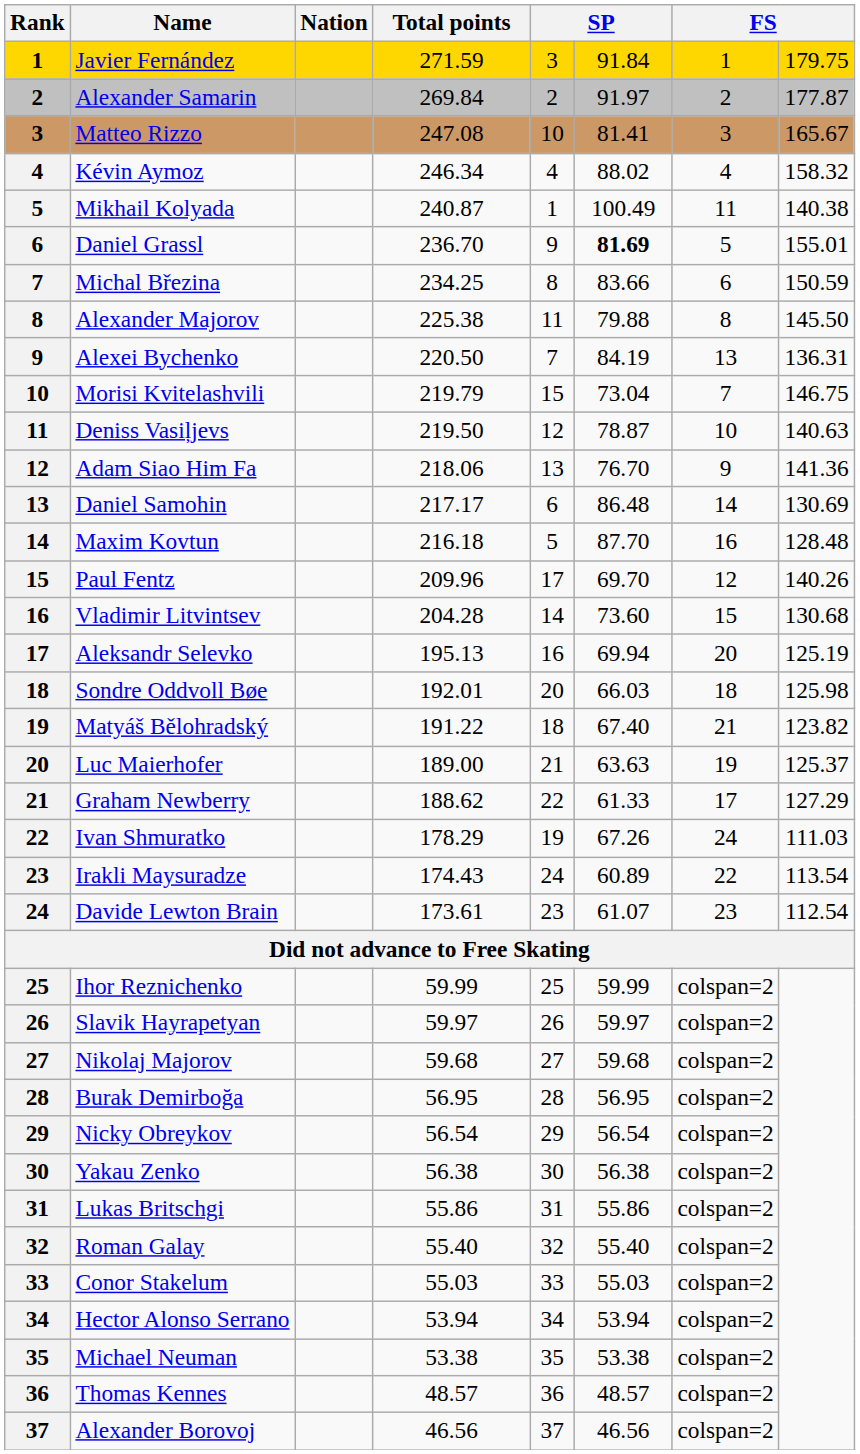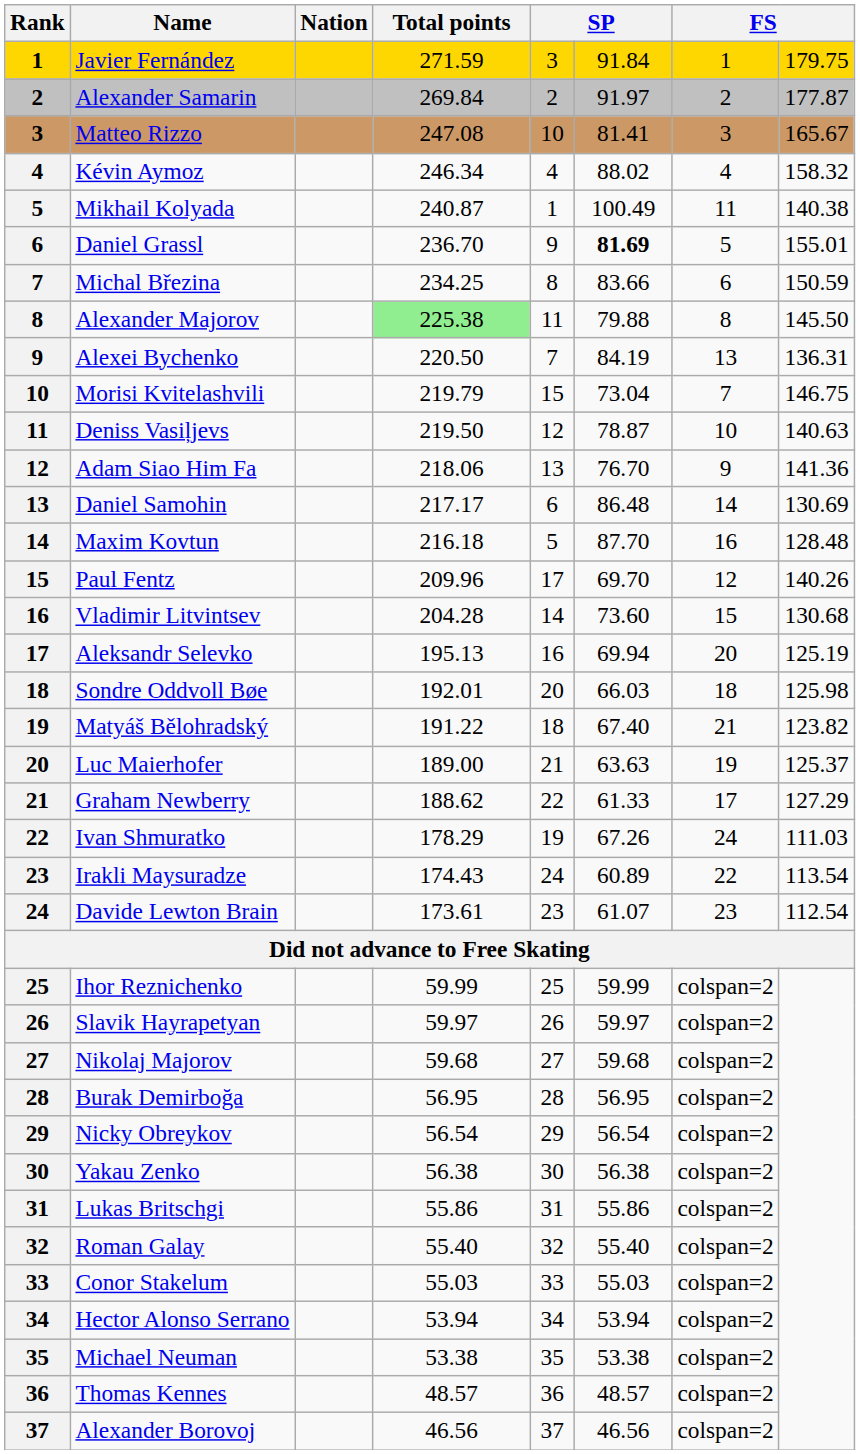 <table class="wikitable sortable">
 <tr>
 <th>Rank</th>
 <th>Name</th>
 <th>Nation</th>
 <th width="100px">Total points</th>
 <th colspan="2" width="90px"><a href='#'>SP</a></th>
 <th colspan="2" width="90px"><a href='#'>FS</a></th>
 </tr>
 <tr bgcolor="gold">
 <td align="center" bgcolor="gold"><strong>1</strong></td>
 <td><a href='#'>Javier Fernández</a></td>
 <td></td>
 <td align="center">271.59</td>
 <td align="center">3</td>
 <td align="center">91.84</td>
 <td align="center">1</td>
 <td align="center">179.75</td>
 </tr>
 <tr bgcolor="silver">
 <td align="center" bgcolor="silver"><strong>2</strong></td>
 <td><a href='#'>Alexander Samarin</a></td>
 <td></td>
 <td align="center">269.84</td>
 <td align="center">2</td>
 <td align="center">91.97</td>
 <td align="center">2</td>
 <td align="center">177.87</td>
 </tr>
 <tr bgcolor="#cc9966">
 <td align="center" bgcolor="#cc9966"><strong>3</strong></td>
 <td><a href='#'>Matteo Rizzo</a></td>
 <td></td>
 <td align="center">247.08</td>
 <td align="center">10</td>
 <td align="center">81.41</td>
 <td align="center">3</td>
 <td align="center">165.67</td>
 </tr>
 <tr>
 <th>4</th>
 <td><a href='#'>Kévin Aymoz</a></td>
 <td></td>
 <td align="center">246.34</td>
 <td align="center">4</td>
 <td align="center">88.02</td>
 <td align="center">4</td>
 <td align="center">158.32</td>
 </tr>
 <tr>
 <th>5</th>
 <td><a href='#'>Mikhail Kolyada</a></td>
 <td></td>
 <td align="center">240.87</td>
 <td align="center">1</td>
 <td align="center">100.49</td>
 <td align="center">11</td>
 <td align="center">140.38</td>
 </tr>
 <tr>
 <th>6</th>
 <td><a href='#'>Daniel Grassl</a></td>
 <td></td>
 <td align="center">236.70</td>
 <td align="center">9</td>
 <td align="center"><strong>81.69</strong></td>
 <td align="center">5</td>
 <td align="center">155.01</td>
 </tr>
 <tr>
 <th>7</th>
 <td><a href='#'>Michal Březina</a></td>
 <td></td>
 <td align="center">234.25</td>
 <td align="center">8</td>
 <td align="center">83.66</td>
 <td align="center">6</td>
 <td align="center">150.59</td>
 </tr>
 <tr>
 <th>8</th>
 <td><a href='#'>Alexander Majorov</a></td>
 <td></td>
-<td align="center">225.38</td>
+<td align="center" style="background: lightgreen;">225.38</td>
 <td align="center">11</td>
 <td align="center">79.88</td>
 <td align="center">8</td>
 <td align="center">145.50</td>
 </tr>
 <tr>
 <th>9</th>
 <td><a href='#'>Alexei Bychenko</a></td>
 <td></td>
 <td align="center">220.50</td>
 <td align="center">7</td>
 <td align="center">84.19</td>
 <td align="center">13</td>
 <td align="center">136.31</td>
 </tr>
 <tr>
 <th>10</th>
 <td><a href='#'>Morisi Kvitelashvili</a></td>
 <td></td>
 <td align="center">219.79</td>
 <td align="center">15</td>
 <td align="center">73.04</td>
 <td align="center">7</td>
 <td align="center">146.75</td>
 </tr>
 <tr>
 <th>11</th>
 <td><a href='#'>Deniss Vasiļjevs</a></td>
 <td></td>
 <td align="center">219.50</td>
 <td align="center">12</td>
 <td align="center">78.87</td>
 <td align="center">10</td>
 <td align="center">140.63</td>
 </tr>
 <tr>
 <th>12</th>
 <td><a href='#'>Adam Siao Him Fa</a></td>
 <td></td>
 <td align="center">218.06</td>
 <td align="center">13</td>
 <td align="center">76.70</td>
 <td align="center">9</td>
 <td align="center">141.36</td>
 </tr>
 <tr>
 <th>13</th>
 <td><a href='#'>Daniel Samohin</a></td>
 <td></td>
 <td align="center">217.17</td>
 <td align="center">6</td>
 <td align="center">86.48</td>
 <td align="center">14</td>
 <td align="center">130.69</td>
 </tr>
 <tr>
 <th>14</th>
 <td><a href='#'>Maxim Kovtun</a></td>
 <td></td>
 <td align="center">216.18</td>
 <td align="center">5</td>
 <td align="center">87.70</td>
 <td align="center">16</td>
 <td align="center">128.48</td>
 </tr>
 <tr>
 <th>15</th>
 <td><a href='#'>Paul Fentz</a></td>
 <td></td>
 <td align="center">209.96</td>
 <td align="center">17</td>
 <td align="center">69.70</td>
 <td align="center">12</td>
 <td align="center">140.26</td>
 </tr>
 <tr>
 <th>16</th>
 <td><a href='#'>Vladimir Litvintsev</a></td>
 <td></td>
 <td align="center">204.28</td>
 <td align="center">14</td>
 <td align="center">73.60</td>
 <td align="center">15</td>
 <td align="center">130.68</td>
 </tr>
 <tr>
 <th>17</th>
 <td><a href='#'>Aleksandr Selevko</a></td>
 <td></td>
 <td align="center">195.13</td>
 <td align="center">16</td>
 <td align="center">69.94</td>
 <td align="center">20</td>
 <td align="center">125.19</td>
 </tr>
 <tr>
 <th>18</th>
 <td><a href='#'>Sondre Oddvoll Bøe</a></td>
 <td></td>
 <td align="center">192.01</td>
 <td align="center">20</td>
 <td align="center">66.03</td>
 <td align="center">18</td>
 <td align="center">125.98</td>
 </tr>
 <tr>
 <th>19</th>
 <td><a href='#'>Matyáš Bělohradský</a></td>
 <td></td>
 <td align="center">191.22</td>
 <td align="center">18</td>
 <td align="center">67.40</td>
 <td align="center">21</td>
 <td align="center">123.82</td>
 </tr>
 <tr>
 <th>20</th>
 <td><a href='#'>Luc Maierhofer</a></td>
 <td></td>
 <td align="center">189.00</td>
 <td align="center">21</td>
 <td align="center">63.63</td>
 <td align="center">19</td>
 <td align="center">125.37</td>
 </tr>
 <tr>
 <th>21</th>
 <td><a href='#'>Graham Newberry</a></td>
 <td></td>
 <td align="center">188.62</td>
 <td align="center">22</td>
 <td align="center">61.33</td>
 <td align="center">17</td>
 <td align="center">127.29</td>
 </tr>
 <tr>
 <th>22</th>
 <td><a href='#'>Ivan Shmuratko</a></td>
 <td></td>
 <td align="center">178.29</td>
 <td align="center">19</td>
 <td align="center">67.26</td>
 <td align="center">24</td>
 <td align="center">111.03</td>
 </tr>
 <tr>
 <th>23</th>
 <td><a href='#'>Irakli Maysuradze</a></td>
 <td></td>
 <td align="center">174.43</td>
 <td align="center">24</td>
 <td align="center">60.89</td>
 <td align="center">22</td>
 <td align="center">113.54</td>
 </tr>
 <tr>
 <th>24</th>
 <td><a href='#'>Davide Lewton Brain</a></td>
 <td></td>
 <td align="center">173.61</td>
 <td align="center">23</td>
 <td align="center">61.07</td>
 <td align="center">23</td>
 <td align="center">112.54</td>
 </tr>
 <tr>
 <th colspan=8>Did not advance to Free Skating</th>
 </tr>
 <tr>
 <th>25</th>
 <td><a href='#'>Ihor Reznichenko</a></td>
 <td></td>
 <td align="center">59.99</td>
 <td align="center">25</td>
 <td align="center">59.99</td>
 <td>colspan=2 </td>
 </tr>
 <tr>
 <th>26</th>
 <td><a href='#'>Slavik Hayrapetyan</a></td>
 <td></td>
 <td align="center">59.97</td>
 <td align="center">26</td>
 <td align="center">59.97</td>
 <td>colspan=2 </td>
 </tr>
 <tr>
 <th>27</th>
 <td><a href='#'>Nikolaj Majorov</a></td>
 <td></td>
 <td align="center">59.68</td>
 <td align="center">27</td>
 <td align="center">59.68</td>
 <td>colspan=2 </td>
 </tr>
 <tr>
 <th>28</th>
 <td><a href='#'>Burak Demirboğa</a></td>
 <td></td>
 <td align="center">56.95</td>
 <td align="center">28</td>
 <td align="center">56.95</td>
 <td>colspan=2 </td>
 </tr>
 <tr>
 <th>29</th>
 <td><a href='#'>Nicky Obreykov</a></td>
 <td></td>
 <td align="center">56.54</td>
 <td align="center">29</td>
 <td align="center">56.54</td>
 <td>colspan=2 </td>
 </tr>
 <tr>
 <th>30</th>
 <td><a href='#'>Yakau Zenko</a></td>
 <td></td>
 <td align="center">56.38</td>
 <td align="center">30</td>
 <td align="center">56.38</td>
 <td>colspan=2 </td>
 </tr>
 <tr>
 <th>31</th>
 <td><a href='#'>Lukas Britschgi</a></td>
 <td></td>
 <td align="center">55.86</td>
 <td align="center">31</td>
 <td align="center">55.86</td>
 <td>colspan=2 </td>
 </tr>
 <tr>
 <th>32</th>
 <td><a href='#'>Roman Galay</a></td>
 <td></td>
 <td align="center">55.40</td>
 <td align="center">32</td>
 <td align="center">55.40</td>
 <td>colspan=2 </td>
 </tr>
 <tr>
 <th>33</th>
 <td><a href='#'>Conor Stakelum</a></td>
 <td></td>
 <td align="center">55.03</td>
 <td align="center">33</td>
 <td align="center">55.03</td>
 <td>colspan=2 </td>
 </tr>
 <tr>
 <th>34</th>
 <td><a href='#'>Hector Alonso Serrano</a></td>
 <td></td>
 <td align="center">53.94</td>
 <td align="center">34</td>
 <td align="center">53.94</td>
 <td>colspan=2 </td>
 </tr>
 <tr>
 <th>35</th>
 <td><a href='#'>Michael Neuman</a></td>
 <td></td>
 <td align="center">53.38</td>
 <td align="center">35</td>
 <td align="center">53.38</td>
 <td>colspan=2 </td>
 </tr>
 <tr>
 <th>36</th>
 <td><a href='#'>Thomas Kennes</a></td>
 <td></td>
 <td align="center">48.57</td>
 <td align="center">36</td>
 <td align="center">48.57</td>
 <td>colspan=2 </td>
 </tr>
 <tr>
 <th>37</th>
 <td><a href='#'>Alexander Borovoj</a></td>
 <td></td>
 <td align="center">46.56</td>
 <td align="center">37</td>
 <td align="center">46.56</td>
 <td>colspan=2 </td>
 </tr>
 </table>
